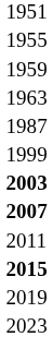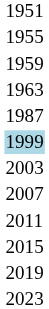 <table>
 <tr>
 <td>1951</td>
 <td></td>
 <td></td>
 <td></td>
 </tr>
 <tr>
 <td>1955</td>
 <td></td>
 <td></td>
 <td></td>
 </tr>
 <tr>
 <td>1959</td>
 <td></td>
 <td></td>
 <td></td>
 </tr>
 <tr>
 <td>1963</td>
 <td></td>
 <td></td>
 <td></td>
 </tr>
 <tr>
 <td>1987<br></td>
 <td></td>
 <td></td>
 <td></td>
 </tr>
 <tr>
-<td>1999<br></td>
+<td style="background: lightblue;">1999<br></td>
 <td></td>
 <td></td>
 <td></td>
 </tr>
 <tr>
-<td><strong>2003<br></strong></td>
+<td>2003<br></td>
 <td></td>
 <td></td>
 <td></td>
 </tr>
 <tr>
-<td><strong>2007<br></strong></td>
+<td>2007<br></td>
 <td></td>
 <td></td>
 <td></td>
 </tr>
 <tr>
 <td>2011<br></td>
 <td></td>
 <td></td>
 <td></td>
 </tr>
 <tr>
-<td><strong>2015<br></strong></td>
+<td>2015<br></td>
 <td></td>
 <td></td>
 <td></td>
 </tr>
 <tr>
 <td>2019<br></td>
 <td></td>
 <td></td>
 <td></td>
 </tr>
 <tr>
 <td>2023<br></td>
 <td></td>
 <td></td>
 <td></td>
 </tr>
 </table>
